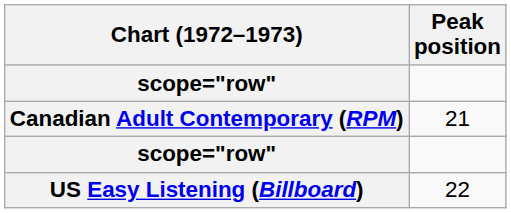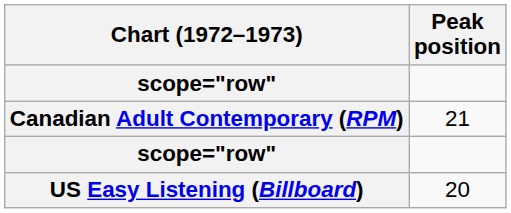 <table class="wikitable sortable plainrowheaders" style="text-align:center;">
 <tr>
 <th scope="col">Chart (1972–1973)</th>
 <th scope="col">Peak<br>position</th>
 </tr>
 <tr>
 <th>scope="row"</th>
 </tr>
 <tr>
 <th scope="row">Canadian <a href='#'>Adult Contemporary</a> (<em><a href='#'>RPM</a></em>)</th>
 <td align="center">21</td>
 </tr>
 <tr>
 <th>scope="row"</th>
 </tr>
 <tr>
 <th scope="row">US <a href='#'>Easy Listening</a> (<em><a href='#'>Billboard</a></em>)</th>
-<td align="center">22</td>
+<td align="center">20</td>
 </tr>
 </table>
